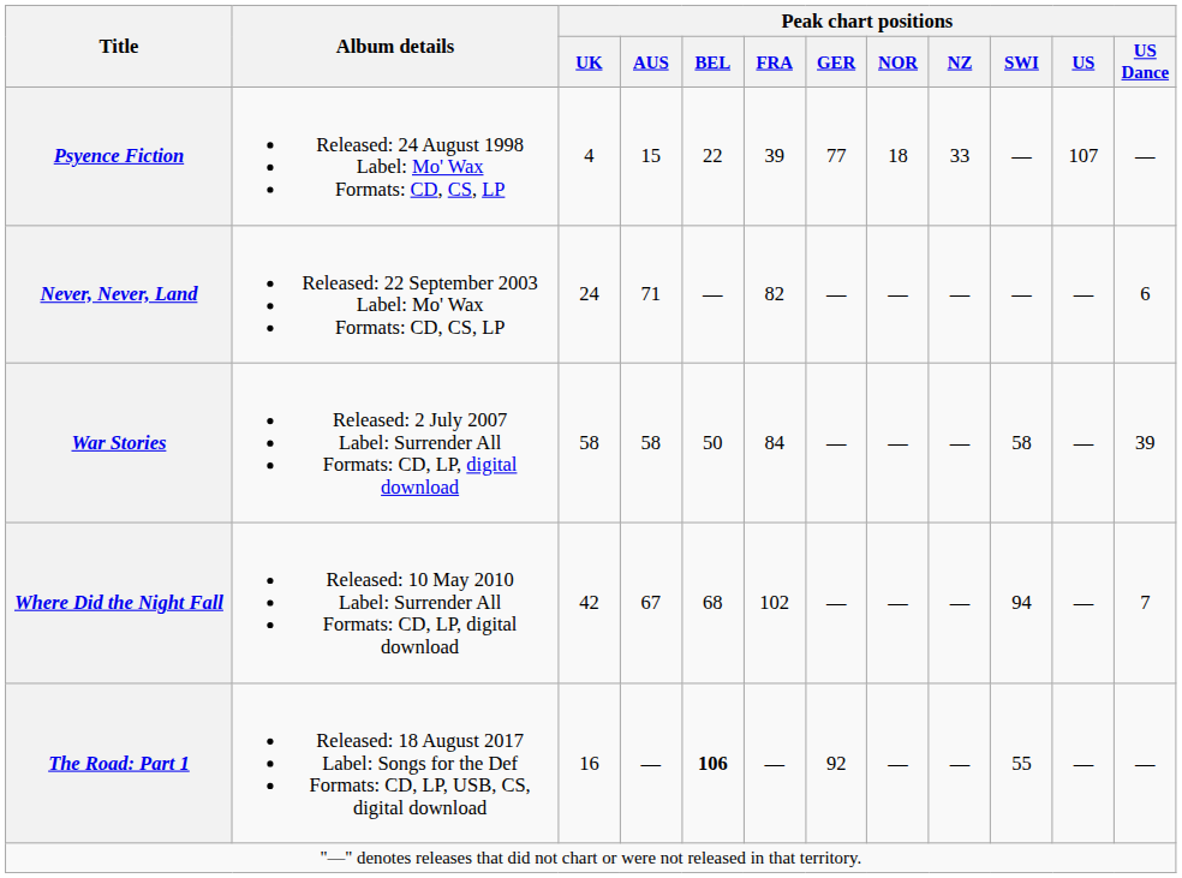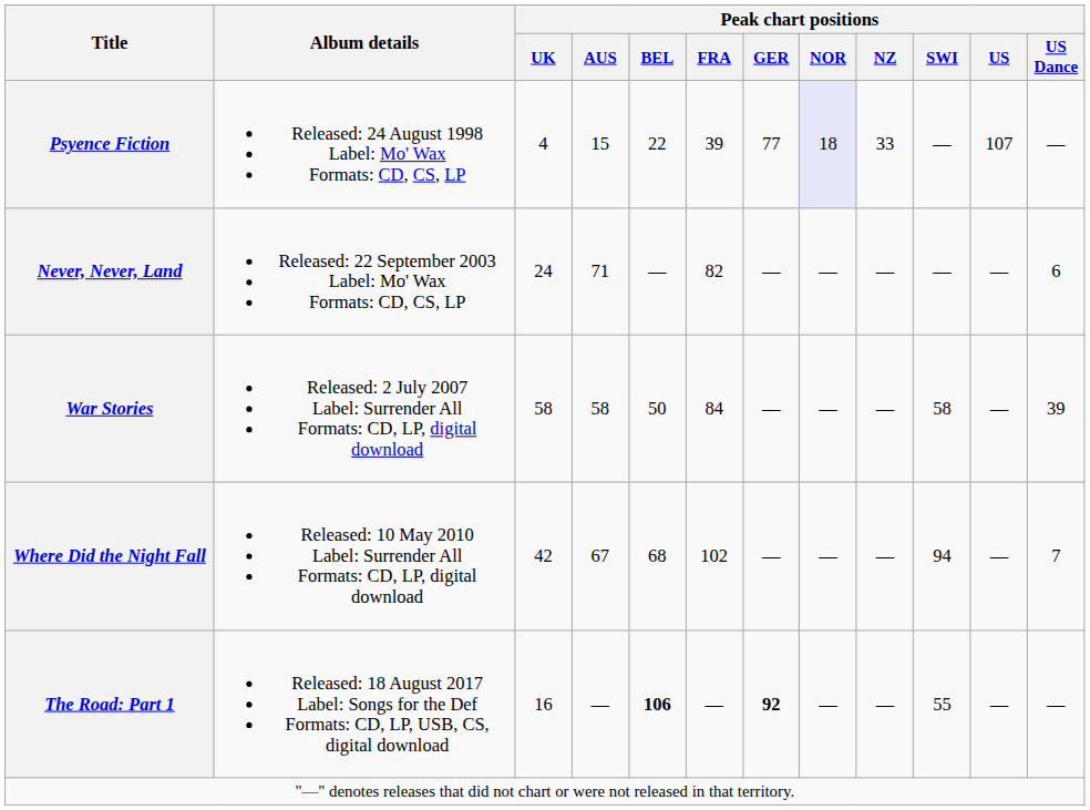 <table class="wikitable plainrowheaders" style="text-align:center;" border="1">
 <tr>
 <th scope="col" rowspan="2" style="width:11em;">Title</th>
 <th scope="col" rowspan="2" style="width:16em;">Album details</th>
 <th scope="col" colspan="10">Peak chart positions</th>
 </tr>
 <tr>
 <th scope="col" style="width:3em;font-size:90%;"><a href='#'>UK</a><br></th>
 <th scope="col" style="width:3em;font-size:90%;"><a href='#'>AUS</a><br></th>
 <th scope="col" style="width:3em;font-size:90%;"><a href='#'>BEL</a><br></th>
 <th scope="col" style="width:3em;font-size:90%;"><a href='#'>FRA</a><br></th>
 <th scope="col" style="width:3em;font-size:90%;"><a href='#'>GER</a><br></th>
 <th scope="col" style="width:3em;font-size:90%;"><a href='#'>NOR</a><br></th>
 <th scope="col" style="width:3em;font-size:90%;"><a href='#'>NZ</a><br></th>
 <th scope="col" style="width:3em;font-size:90%;"><a href='#'>SWI</a><br></th>
 <th scope="col" style="width:3em;font-size:90%;"><a href='#'>US</a><br></th>
 <th scope="col" style="width:3em;font-size:90%;"><a href='#'>US Dance</a><br></th>
 </tr>
 <tr>
 <th scope="row"><em><a href='#'>Psyence Fiction</a></em></th>
 <td><br><ul><li>Released: 24 August 1998</li><li>Label: <a href='#'>Mo' Wax</a></li><li>Formats: <a href='#'>CD</a>, <a href='#'>CS</a>, <a href='#'>LP</a></li></ul></td>
 <td>4</td>
 <td>15</td>
 <td>22</td>
 <td>39</td>
 <td>77</td>
-<td>18</td>
+<td style="background: lavender;">18</td>
 <td>33</td>
 <td>—</td>
 <td>107</td>
 <td>—</td>
 </tr>
 <tr>
 <th scope="row"><em><a href='#'>Never, Never, Land</a></em></th>
 <td><br><ul><li>Released: 22 September 2003</li><li>Label: Mo' Wax</li><li>Formats: CD, CS, LP</li></ul></td>
 <td>24</td>
 <td>71</td>
 <td>—</td>
 <td>82</td>
 <td>—</td>
 <td>—</td>
 <td>—</td>
 <td>—</td>
 <td>—</td>
 <td>6</td>
 </tr>
 <tr>
 <th scope="row"><em><a href='#'>War Stories</a></em></th>
 <td><br><ul><li>Released: 2 July 2007</li><li>Label: Surrender All</li><li>Formats: CD, LP, <a href='#'>digital download</a></li></ul></td>
 <td>58</td>
 <td>58</td>
 <td>50</td>
 <td>84</td>
 <td>—</td>
 <td>—</td>
 <td>—</td>
 <td>58</td>
 <td>—</td>
 <td>39</td>
 </tr>
 <tr>
 <th scope="row"><em><a href='#'>Where Did the Night Fall</a></em></th>
 <td><br><ul><li>Released: 10 May 2010</li><li>Label: Surrender All</li><li>Formats: CD, LP, digital download</li></ul></td>
 <td>42</td>
 <td>67</td>
 <td>68</td>
 <td>102</td>
 <td>—</td>
 <td>—</td>
 <td>—</td>
 <td>94</td>
 <td>—</td>
 <td>7</td>
 </tr>
 <tr>
 <th scope="row"><em><a href='#'>The Road: Part 1</a></em></th>
 <td><br><ul><li>Released: 18 August 2017</li><li>Label: Songs for the Def</li><li>Formats: CD, LP, USB, CS, digital download</li></ul></td>
 <td>16</td>
 <td>—</td>
 <td><strong>106</strong></td>
 <td>—</td>
-<td>92</td>
+<td><strong>92</strong></td>
 <td>—</td>
 <td>—</td>
 <td>55</td>
 <td>—</td>
 <td>—</td>
 </tr>
 <tr>
 <td colspan="12" style="font-size:90%">"—" denotes releases that did not chart or were not released in that territory.</td>
 </tr>
 </table>
